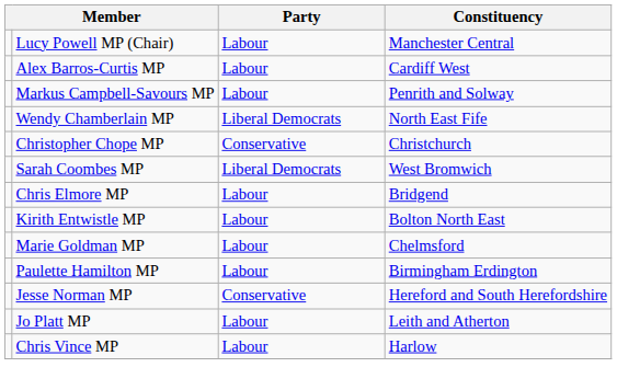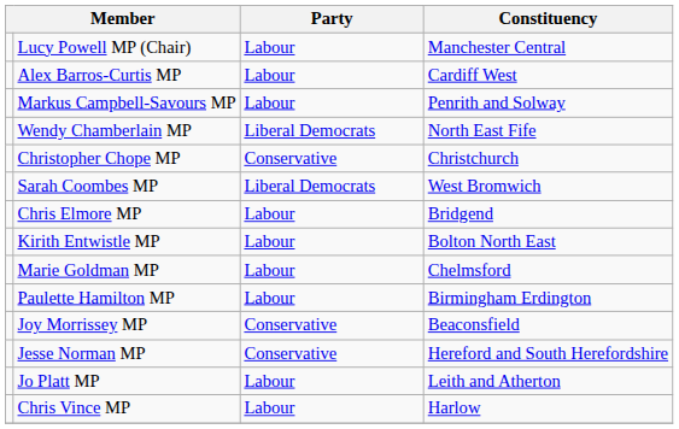 <table class="wikitable">
 <tr>
 <th width="160px" colspan="2" valign="top">Member</th>
 <th width="160px" valign="top">Party</th>
 <th valign="top">Constituency</th>
 </tr>
 <tr>
 <td style="color:inherit;background:"></td>
 <td><a href='#'>Lucy Powell</a> MP (Chair)</td>
 <td><a href='#'>Labour</a></td>
 <td><a href='#'>Manchester Central</a></td>
 </tr>
 <tr>
 <td style="color:inherit;background:"></td>
 <td><a href='#'>Alex Barros-Curtis</a> MP</td>
 <td><a href='#'>Labour</a></td>
 <td><a href='#'>Cardiff West</a></td>
 </tr>
 <tr>
 <td style="color:inherit;background:"></td>
 <td><a href='#'>Markus Campbell-Savours</a> MP</td>
 <td><a href='#'>Labour</a></td>
 <td><a href='#'>Penrith and Solway</a></td>
 </tr>
 <tr>
 <td style="color:inherit;background:"></td>
 <td><a href='#'>Wendy Chamberlain</a> MP</td>
 <td><a href='#'>Liberal Democrats</a></td>
 <td><a href='#'>North East Fife</a></td>
 </tr>
 <tr>
 <td style="color:inherit;background:"></td>
 <td><a href='#'>Christopher Chope</a> MP</td>
 <td><a href='#'>Conservative</a></td>
 <td><a href='#'>Christchurch</a></td>
 </tr>
 <tr>
 <td style="color:inherit;background:"></td>
 <td><a href='#'>Sarah Coombes</a> MP</td>
 <td><a href='#'>Liberal Democrats</a></td>
 <td><a href='#'>West Bromwich</a></td>
 </tr>
 <tr>
 <td style="color:inherit;background:"></td>
 <td><a href='#'>Chris Elmore</a> MP</td>
 <td><a href='#'>Labour</a></td>
 <td><a href='#'>Bridgend</a></td>
 </tr>
 <tr>
 <td style="color:inherit;background:"></td>
 <td><a href='#'>Kirith Entwistle</a> MP</td>
 <td><a href='#'>Labour</a></td>
 <td><a href='#'>Bolton North East</a></td>
 </tr>
 <tr>
 <td style="color:inherit;background:"></td>
 <td><a href='#'>Marie Goldman</a> MP</td>
 <td><a href='#'>Labour</a></td>
 <td><a href='#'>Chelmsford</a></td>
 </tr>
 <tr>
 <td style="color:inherit;background:"></td>
 <td><a href='#'>Paulette Hamilton</a> MP</td>
 <td><a href='#'>Labour</a></td>
 <td><a href='#'>Birmingham Erdington</a></td>
 </tr>
 <tr>
 <td style="color:inherit;background:"></td>
+<td><a href='#'>Joy Morrissey</a> MP</td>
+<td><a href='#'>Conservative</a></td>
+<td><a href='#'>Beaconsfield</a></td>
+</tr>
+<tr>
+<td style="color:inherit;background:"></td>
 <td><a href='#'>Jesse Norman</a> MP</td>
 <td><a href='#'>Conservative</a></td>
 <td><a href='#'>Hereford and South Herefordshire</a></td>
 </tr>
 <tr>
 <td style="color:inherit;background:"></td>
 <td><a href='#'>Jo Platt</a> MP</td>
 <td><a href='#'>Labour</a></td>
 <td><a href='#'>Leith and Atherton</a></td>
 </tr>
 <tr>
 <td style="color:inherit;background:"></td>
 <td><a href='#'>Chris Vince</a> MP</td>
 <td><a href='#'>Labour</a></td>
 <td><a href='#'>Harlow</a></td>
 </tr>
 <tr>
 </tr>
 </table>
